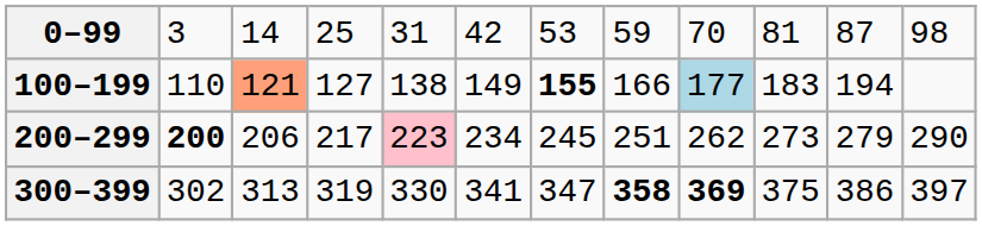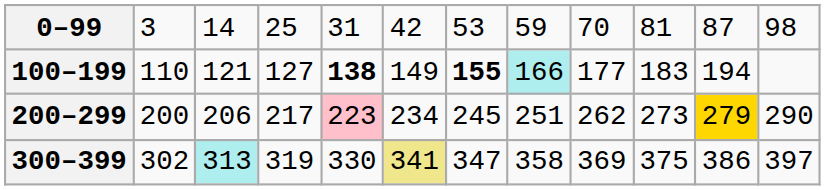 <table class="wikitable">
 <tr>
 <th>0–99</th>
 <td>3</td>
 <td>14</td>
 <td>25</td>
 <td>31</td>
 <td>42</td>
 <td>53</td>
 <td>59</td>
 <td>70</td>
 <td>81</td>
 <td>87</td>
 <td>98</td>
 </tr>
 <tr>
 <th>100–199</th>
 <td>110</td>
-<td style="background: lightsalmon;">121</td>
+<td>121</td>
 <td>127</td>
-<td>138</td>
+<td><strong>138</strong></td>
 <td>149</td>
 <td><strong>155</strong></td>
-<td>166</td>
-<td style="background: lightblue;">177</td>
+<td style="background: paleturquoise;">166</td>
+<td>177</td>
 <td>183</td>
 <td>194</td>
 <td></td>
 </tr>
 <tr>
 <th>200–299</th>
-<td><strong>200</strong></td>
+<td>200</td>
 <td>206</td>
 <td>217</td>
 <td style="background: pink;">223</td>
 <td>234</td>
 <td>245</td>
 <td>251</td>
 <td>262</td>
 <td>273</td>
-<td>279</td>
+<td style="background: gold;">279</td>
 <td>290</td>
 </tr>
 <tr>
 <th>300–399</th>
 <td>302</td>
-<td>313</td>
+<td style="background: paleturquoise;">313</td>
 <td>319</td>
 <td>330</td>
-<td>341</td>
+<td style="background: khaki;">341</td>
 <td>347</td>
-<td><strong>358</strong></td>
-<td><strong>369</strong></td>
+<td>358</td>
+<td>369</td>
 <td>375</td>
 <td>386</td>
 <td>397</td>
 </tr>
 </table>
